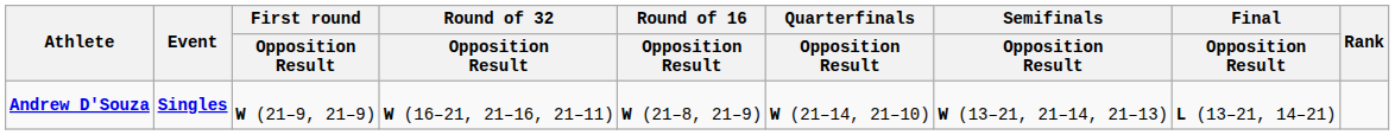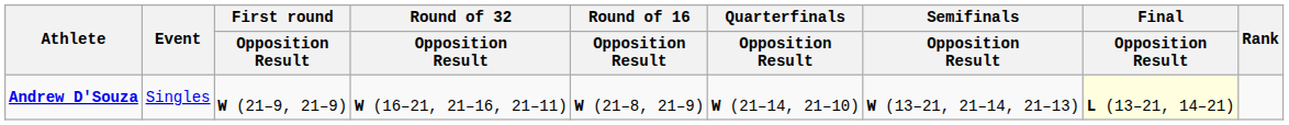 <table class="wikitable" style="font-size:90%">
 <tr>
 <th rowspan=2>Athlete</th>
 <th rowspan=2>Event</th>
 <th>First round</th>
 <th>Round of 32</th>
 <th>Round of 16</th>
 <th>Quarterfinals</th>
 <th>Semifinals</th>
 <th>Final</th>
 <th rowspan=2>Rank</th>
 </tr>
 <tr>
 <th>Opposition<br>Result</th>
 <th>Opposition<br>Result</th>
 <th>Opposition<br>Result</th>
 <th>Opposition<br>Result</th>
 <th>Opposition<br>Result</th>
 <th>Opposition<br>Result</th>
 </tr>
 <tr align=center>
 <td align=left><strong><a href='#'>Andrew D'Souza</a></strong></td>
-<td align=left><strong><a href='#'>Singles</a></strong></td>
+<td align=left><a href='#'>Singles</a></td>
 <td><br><strong>W</strong> (21–9, 21–9)</td>
 <td><br><strong>W</strong> (16–21, 21–16, 21–11)</td>
 <td><br><strong>W</strong> (21–8, 21–9)</td>
 <td><br><strong>W</strong> (21–14, 21–10)</td>
 <td><br><strong>W</strong> (13–21, 21–14, 21–13)</td>
-<td><br><strong>L</strong> (13–21, 14–21)</td>
+<td style="background: lightyellow;"><br><strong>L</strong> (13–21, 14–21)</td>
 <td></td>
 </tr>
 </table>
